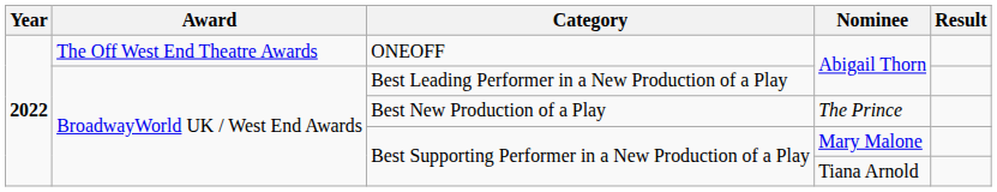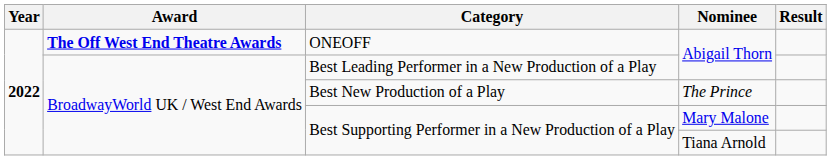 <table class="wikitable">
 <tr>
 <th>Year</th>
 <th>Award</th>
 <th>Category</th>
 <th>Nominee</th>
 <th>Result</th>
 </tr>
 <tr>
 <td rowspan="5"><strong>2022</strong></td>
-<td><a href='#'>The Off West End Theatre Awards</a></td>
+<td><strong><a href='#'>The Off West End Theatre Awards</a></strong></td>
 <td>ONEOFF</td>
 <td rowspan="2"><a href='#'>Abigail Thorn</a></td>
 <td></td>
 </tr>
 <tr>
 <td rowspan="4"><a href='#'>BroadwayWorld</a> UK / West End Awards</td>
 <td>Best Leading Performer in a New Production of a Play</td>
 <td></td>
 </tr>
 <tr>
 <td>Best New Production of a Play</td>
 <td><em>The Prince</em></td>
 <td></td>
 </tr>
 <tr>
 <td rowspan="2">Best Supporting Performer in a New Production of a Play</td>
 <td><a href='#'>Mary Malone</a></td>
 <td></td>
 </tr>
 <tr>
 <td>Tiana Arnold</td>
 <td></td>
 </tr>
 </table>
